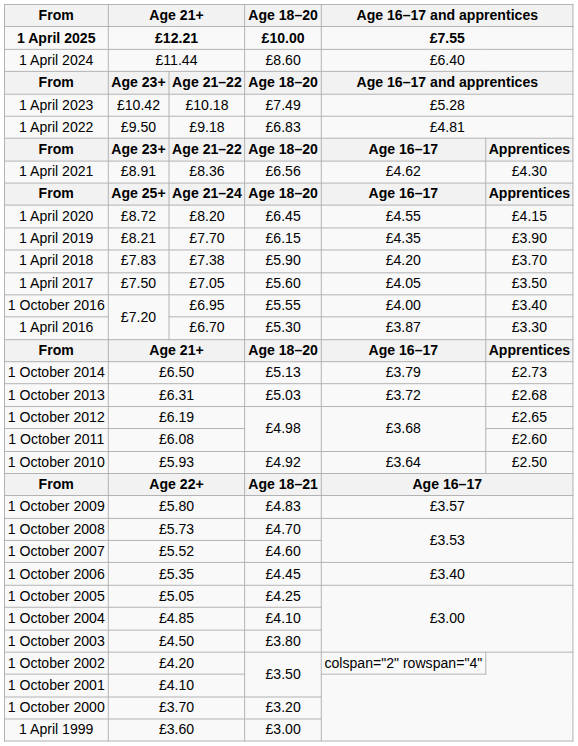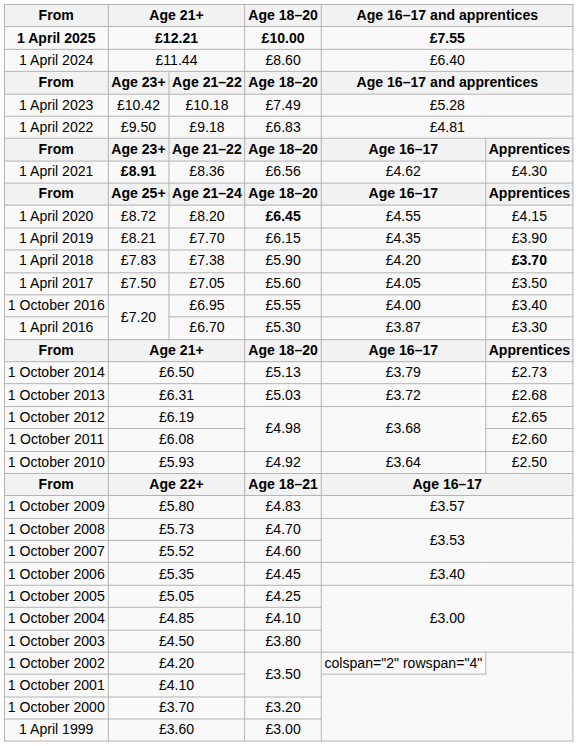 <table class="wikitable" style="text-align: center">
 <tr>
 <th>From</th>
 <th colspan="2">Age 21+</th>
 <th>Age 18–20</th>
 <th colspan="2">Age 16–17 and apprentices</th>
 </tr>
 <tr>
 <td><strong>1 April 2025</strong></td>
 <td colspan="2"><strong>£12.21</strong></td>
 <td><strong>£10.00</strong></td>
 <td colspan="2"><strong>£7.55</strong></td>
 </tr>
 <tr>
 <td>1 April 2024</td>
 <td colspan="2">£11.44</td>
 <td>£8.60</td>
 <td colspan="2">£6.40</td>
 </tr>
 <tr>
 <th>From</th>
 <th>Age 23+</th>
 <th>Age 21–22</th>
 <th>Age 18–20</th>
 <th colspan="2">Age 16–17 and apprentices</th>
 </tr>
 <tr>
 <td>1 April 2023</td>
 <td>£10.42</td>
 <td>£10.18</td>
 <td>£7.49</td>
 <td colspan="2">£5.28</td>
 </tr>
 <tr>
 <td>1 April 2022</td>
 <td>£9.50</td>
 <td>£9.18</td>
 <td>£6.83</td>
 <td colspan="2">£4.81</td>
 </tr>
 <tr>
 <th>From</th>
 <th>Age 23+</th>
 <th>Age 21–22</th>
 <th>Age 18–20</th>
 <th>Age 16–17</th>
 <th>Apprentices</th>
 </tr>
 <tr>
 <td>1 April 2021</td>
-<td>£8.91</td>
+<td><strong>£8.91</strong></td>
 <td>£8.36</td>
 <td>£6.56</td>
 <td>£4.62</td>
 <td>£4.30</td>
 </tr>
 <tr>
 <th>From</th>
 <th>Age 25+</th>
 <th>Age 21–24</th>
 <th>Age 18–20</th>
 <th>Age 16–17</th>
 <th>Apprentices</th>
 </tr>
 <tr>
 <td>1 April 2020</td>
 <td>£8.72</td>
 <td>£8.20</td>
-<td>£6.45</td>
+<td><strong>£6.45</strong></td>
 <td>£4.55</td>
 <td>£4.15</td>
 </tr>
 <tr>
 <td>1 April 2019</td>
 <td>£8.21</td>
 <td>£7.70</td>
 <td>£6.15</td>
 <td>£4.35</td>
 <td>£3.90</td>
 </tr>
 <tr>
 <td>1 April 2018</td>
 <td>£7.83</td>
 <td>£7.38</td>
 <td>£5.90</td>
 <td>£4.20</td>
-<td>£3.70</td>
+<td><strong>£3.70</strong></td>
 </tr>
 <tr>
 <td>1 April 2017</td>
 <td>£7.50</td>
 <td>£7.05</td>
 <td>£5.60</td>
 <td>£4.05</td>
 <td>£3.50</td>
 </tr>
 <tr>
 <td>1 October 2016</td>
 <td rowspan="2">£7.20</td>
 <td>£6.95</td>
 <td>£5.55</td>
 <td>£4.00</td>
 <td>£3.40</td>
 </tr>
 <tr>
 <td>1 April 2016</td>
 <td>£6.70</td>
 <td>£5.30</td>
 <td>£3.87</td>
 <td>£3.30</td>
 </tr>
 <tr>
 <th>From</th>
 <th colspan="2">Age 21+</th>
 <th>Age 18–20</th>
 <th>Age 16–17</th>
 <th>Apprentices</th>
 </tr>
 <tr>
 <td>1 October 2014</td>
 <td colspan="2">£6.50</td>
 <td>£5.13</td>
 <td>£3.79</td>
 <td>£2.73</td>
 </tr>
 <tr>
 <td>1 October 2013</td>
 <td colspan="2">£6.31</td>
 <td>£5.03</td>
 <td>£3.72</td>
 <td>£2.68</td>
 </tr>
 <tr>
 <td>1 October 2012</td>
 <td colspan="2">£6.19</td>
 <td rowspan="2">£4.98</td>
 <td rowspan="2">£3.68</td>
 <td>£2.65</td>
 </tr>
 <tr>
 <td>1 October 2011</td>
 <td colspan="2">£6.08</td>
 <td>£2.60</td>
 </tr>
 <tr>
 <td>1 October 2010</td>
 <td colspan="2">£5.93</td>
 <td>£4.92</td>
 <td>£3.64</td>
 <td>£2.50</td>
 </tr>
 <tr>
 <th>From</th>
 <th colspan="2">Age 22+</th>
 <th>Age 18–21</th>
 <th colspan="2">Age 16–17</th>
 </tr>
 <tr>
 <td>1 October 2009</td>
 <td colspan="2">£5.80</td>
 <td>£4.83</td>
 <td colspan="2">£3.57</td>
 </tr>
 <tr>
 <td>1 October 2008</td>
 <td colspan="2">£5.73</td>
 <td>£4.70</td>
 <td colspan="2" rowspan="2">£3.53</td>
 </tr>
 <tr>
 <td>1 October 2007</td>
 <td colspan="2">£5.52</td>
 <td>£4.60</td>
 </tr>
 <tr>
 <td>1 October 2006</td>
 <td colspan="2">£5.35</td>
 <td>£4.45</td>
 <td colspan="2">£3.40</td>
 </tr>
 <tr>
 <td>1 October 2005</td>
 <td colspan="2">£5.05</td>
 <td>£4.25</td>
 <td colspan="2" rowspan="3">£3.00</td>
 </tr>
 <tr>
 <td>1 October 2004</td>
 <td colspan="2">£4.85</td>
 <td>£4.10</td>
 </tr>
 <tr>
 <td>1 October 2003</td>
 <td colspan="2">£4.50</td>
 <td>£3.80</td>
 </tr>
 <tr>
 <td>1 October 2002</td>
 <td colspan="2">£4.20</td>
 <td rowspan="2">£3.50</td>
 <td>colspan="2" rowspan="4" </td>
 </tr>
 <tr>
 <td>1 October 2001</td>
 <td colspan="2">£4.10</td>
 </tr>
 <tr>
 <td>1 October 2000</td>
 <td colspan="2">£3.70</td>
 <td>£3.20</td>
 </tr>
 <tr>
 <td>1 April 1999</td>
 <td colspan="2">£3.60</td>
 <td>£3.00</td>
 </tr>
 </table>
